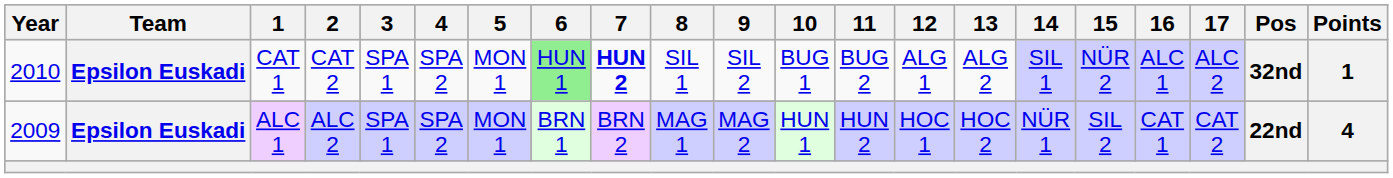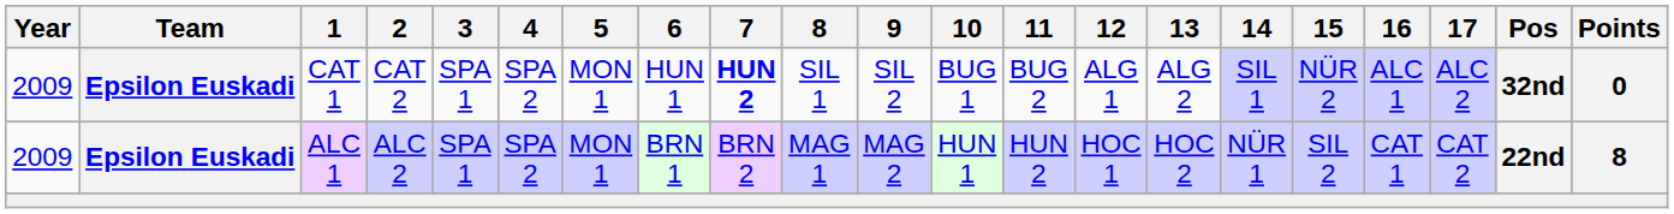 <table class="wikitable" style="text-align:center; font-size:85%">
 <tr>
 <th>Year</th>
 <th>Team</th>
 <th>1</th>
 <th>2</th>
 <th>3</th>
 <th>4</th>
 <th>5</th>
 <th>6</th>
 <th>7</th>
 <th>8</th>
 <th>9</th>
 <th>10</th>
 <th>11</th>
 <th>12</th>
 <th>13</th>
 <th>14</th>
 <th>15</th>
 <th>16</th>
 <th>17</th>
 <th>Pos</th>
 <th>Points</th>
 </tr>
 <tr>
-<td><a href='#'>2010</a></td>
+<td><a href='#'>2009</a></td>
 <th nowrap><a href='#'>Epsilon Euskadi</a></th>
 <td><a href='#'>CAT<br>1</a></td>
 <td><a href='#'>CAT<br>2</a></td>
 <td><a href='#'>SPA<br>1</a></td>
 <td><a href='#'>SPA<br>2</a></td>
 <td><a href='#'>MON<br>1</a></td>
-<td style="background: lightgreen;"><a href='#'>HUN<br>1</a></td>
+<td><a href='#'>HUN<br>1</a></td>
 <td><strong><a href='#'>HUN<br>2</a></strong></td>
 <td><a href='#'>SIL<br>1</a></td>
 <td><a href='#'>SIL<br>2</a></td>
 <td><a href='#'>BUG<br>1</a></td>
 <td><a href='#'>BUG<br>2</a></td>
 <td><a href='#'>ALG<br>1</a></td>
 <td><a href='#'>ALG<br>2</a></td>
 <td style="background:#CFCFFF;"><a href='#'>SIL<br>1</a><br></td>
 <td style="background:#CFCFFF;"><a href='#'>NÜR<br>2</a><br></td>
 <td style="background:#CFCFFF;"><a href='#'>ALC<br>1</a><br></td>
 <td style="background:#CFCFFF;"><a href='#'>ALC<br>2</a><br></td>
 <th>32nd</th>
-<th>1</th>
+<th>0</th>
 </tr>
 <tr>
 <td><a href='#'>2009</a></td>
 <th nowrap><a href='#'>Epsilon Euskadi</a></th>
 <td style="background:#EFCFFF;"><a href='#'>ALC<br>1</a><br></td>
 <td style="background:#CFCFFF;"><a href='#'>ALC<br>2</a><br></td>
 <td style="background:#CFCFFF;"><a href='#'>SPA<br>1</a><br></td>
 <td style="background:#CFCFFF;"><a href='#'>SPA<br>2</a><br></td>
 <td style="background:#CFCFFF;"><a href='#'>MON<br>1</a><br></td>
 <td style="background:#DFFFDF;"><a href='#'>BRN<br>1</a><br></td>
 <td style="background:#EFCFFF;"><a href='#'>BRN<br>2</a><br></td>
 <td style="background:#CFCFFF;"><a href='#'>MAG<br>1</a><br></td>
 <td style="background:#CFCFFF;"><a href='#'>MAG<br>2</a><br></td>
 <td style="background:#DFFFDF;"><a href='#'>HUN<br>1</a><br></td>
 <td style="background:#CFCFFF;"><a href='#'>HUN<br>2</a><br></td>
 <td style="background:#CFCFFF;"><a href='#'>HOC<br>1</a><br></td>
 <td style="background:#CFCFFF;"><a href='#'>HOC<br>2</a><br></td>
 <td style="background:#CFCFFF;"><a href='#'>NÜR<br>1</a><br></td>
 <td style="background:#CFCFFF;"><a href='#'>SIL<br>2</a><br></td>
 <td style="background:#CFCFFF;"><a href='#'>CAT<br>1</a><br></td>
 <td style="background:#CFCFFF;"><a href='#'>CAT<br>2</a><br></td>
 <th>22nd</th>
-<th>4</th>
+<th>8</th>
 </tr>
 <tr>
 <th colspan="21"></th>
 </tr>
 </table>
